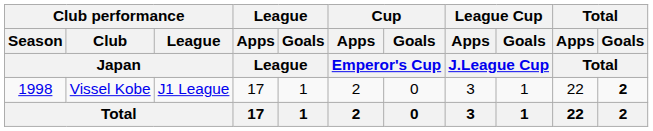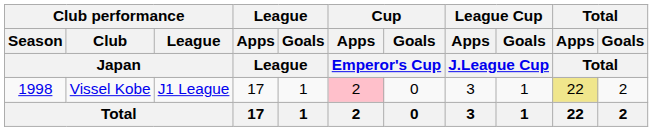 <table class="wikitable" style="text-align:center;">
 <tr>
 <th colspan=3>Club performance</th>
 <th colspan=2>League</th>
 <th colspan=2>Cup</th>
 <th colspan=2>League Cup</th>
 <th colspan=2>Total</th>
 </tr>
 <tr>
 <th>Season</th>
 <th>Club</th>
 <th>League</th>
 <th>Apps</th>
 <th>Goals</th>
 <th>Apps</th>
 <th>Goals</th>
 <th>Apps</th>
 <th>Goals</th>
 <th>Apps</th>
 <th>Goals</th>
 </tr>
 <tr>
 <th colspan=3>Japan</th>
 <th colspan=2>League</th>
 <th colspan=2><a href='#'>Emperor's Cup</a></th>
 <th colspan=2><a href='#'>J.League Cup</a></th>
 <th colspan=2>Total</th>
 </tr>
 <tr>
 <td><a href='#'>1998</a></td>
 <td><a href='#'>Vissel Kobe</a></td>
 <td><a href='#'>J1 League</a></td>
 <td>17</td>
 <td>1</td>
-<td>2</td>
+<td style="background: pink;">2</td>
 <td>0</td>
 <td>3</td>
 <td>1</td>
-<td>22</td>
-<td><strong>2</strong></td>
+<td style="background: khaki;">22</td>
+<td>2</td>
 </tr>
 <tr>
 <th colspan=3>Total</th>
 <th>17</th>
 <th>1</th>
 <th>2</th>
 <th>0</th>
 <th>3</th>
 <th>1</th>
 <th>22</th>
 <th>2</th>
 </tr>
 </table>
